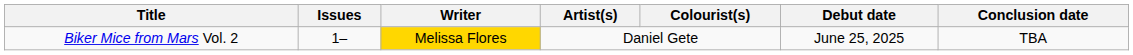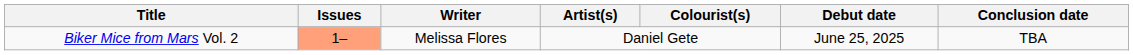 <table class="wikitable" width="100%" style="text-align: center;">
 <tr>
 <th scope="col">Title</th>
 <th scope="col">Issues</th>
 <th scope="col">Writer</th>
 <th scope="col">Artist(s)</th>
 <th scope="col">Colourist(s)</th>
 <th scope="col">Debut date</th>
 <th scope="col">Conclusion date</th>
 </tr>
 <tr>
 <td><em><a href='#'>Biker Mice from Mars</a></em> Vol. 2</td>
-<td>1–</td>
-<td style="background: gold;">Melissa Flores</td>
+<td style="background: lightsalmon;">1–</td>
+<td>Melissa Flores</td>
 <td colspan="2">Daniel Gete</td>
 <td>June 25, 2025</td>
 <td>TBA</td>
 </tr>
 </table>
